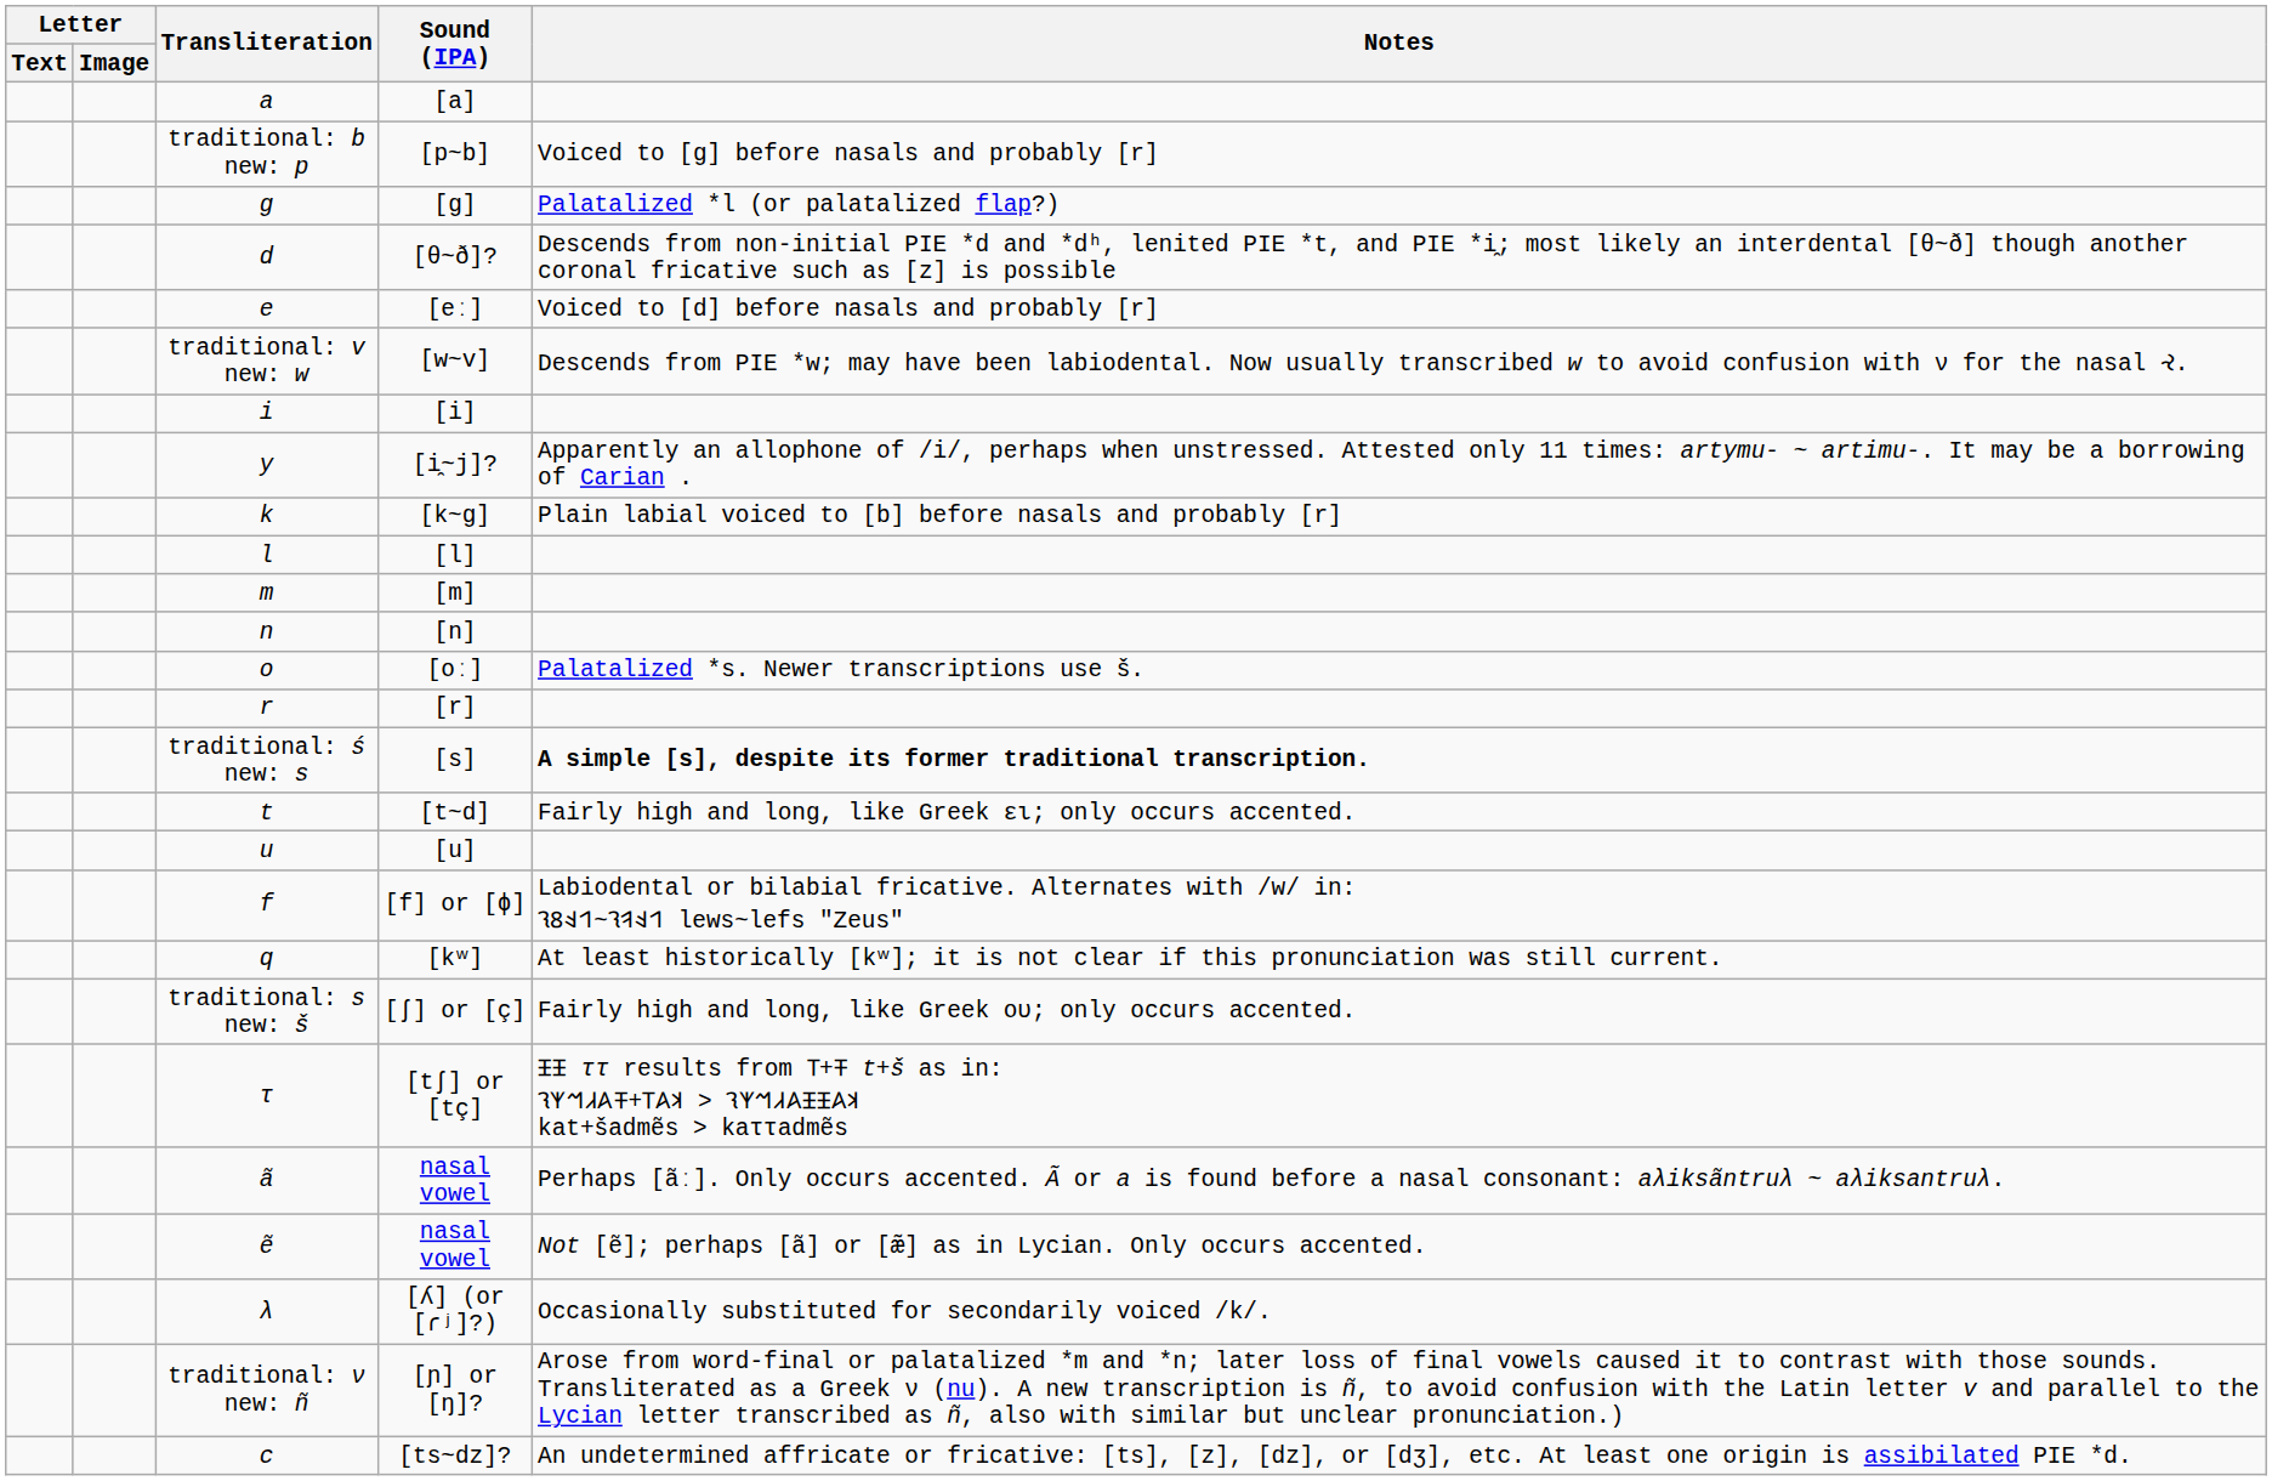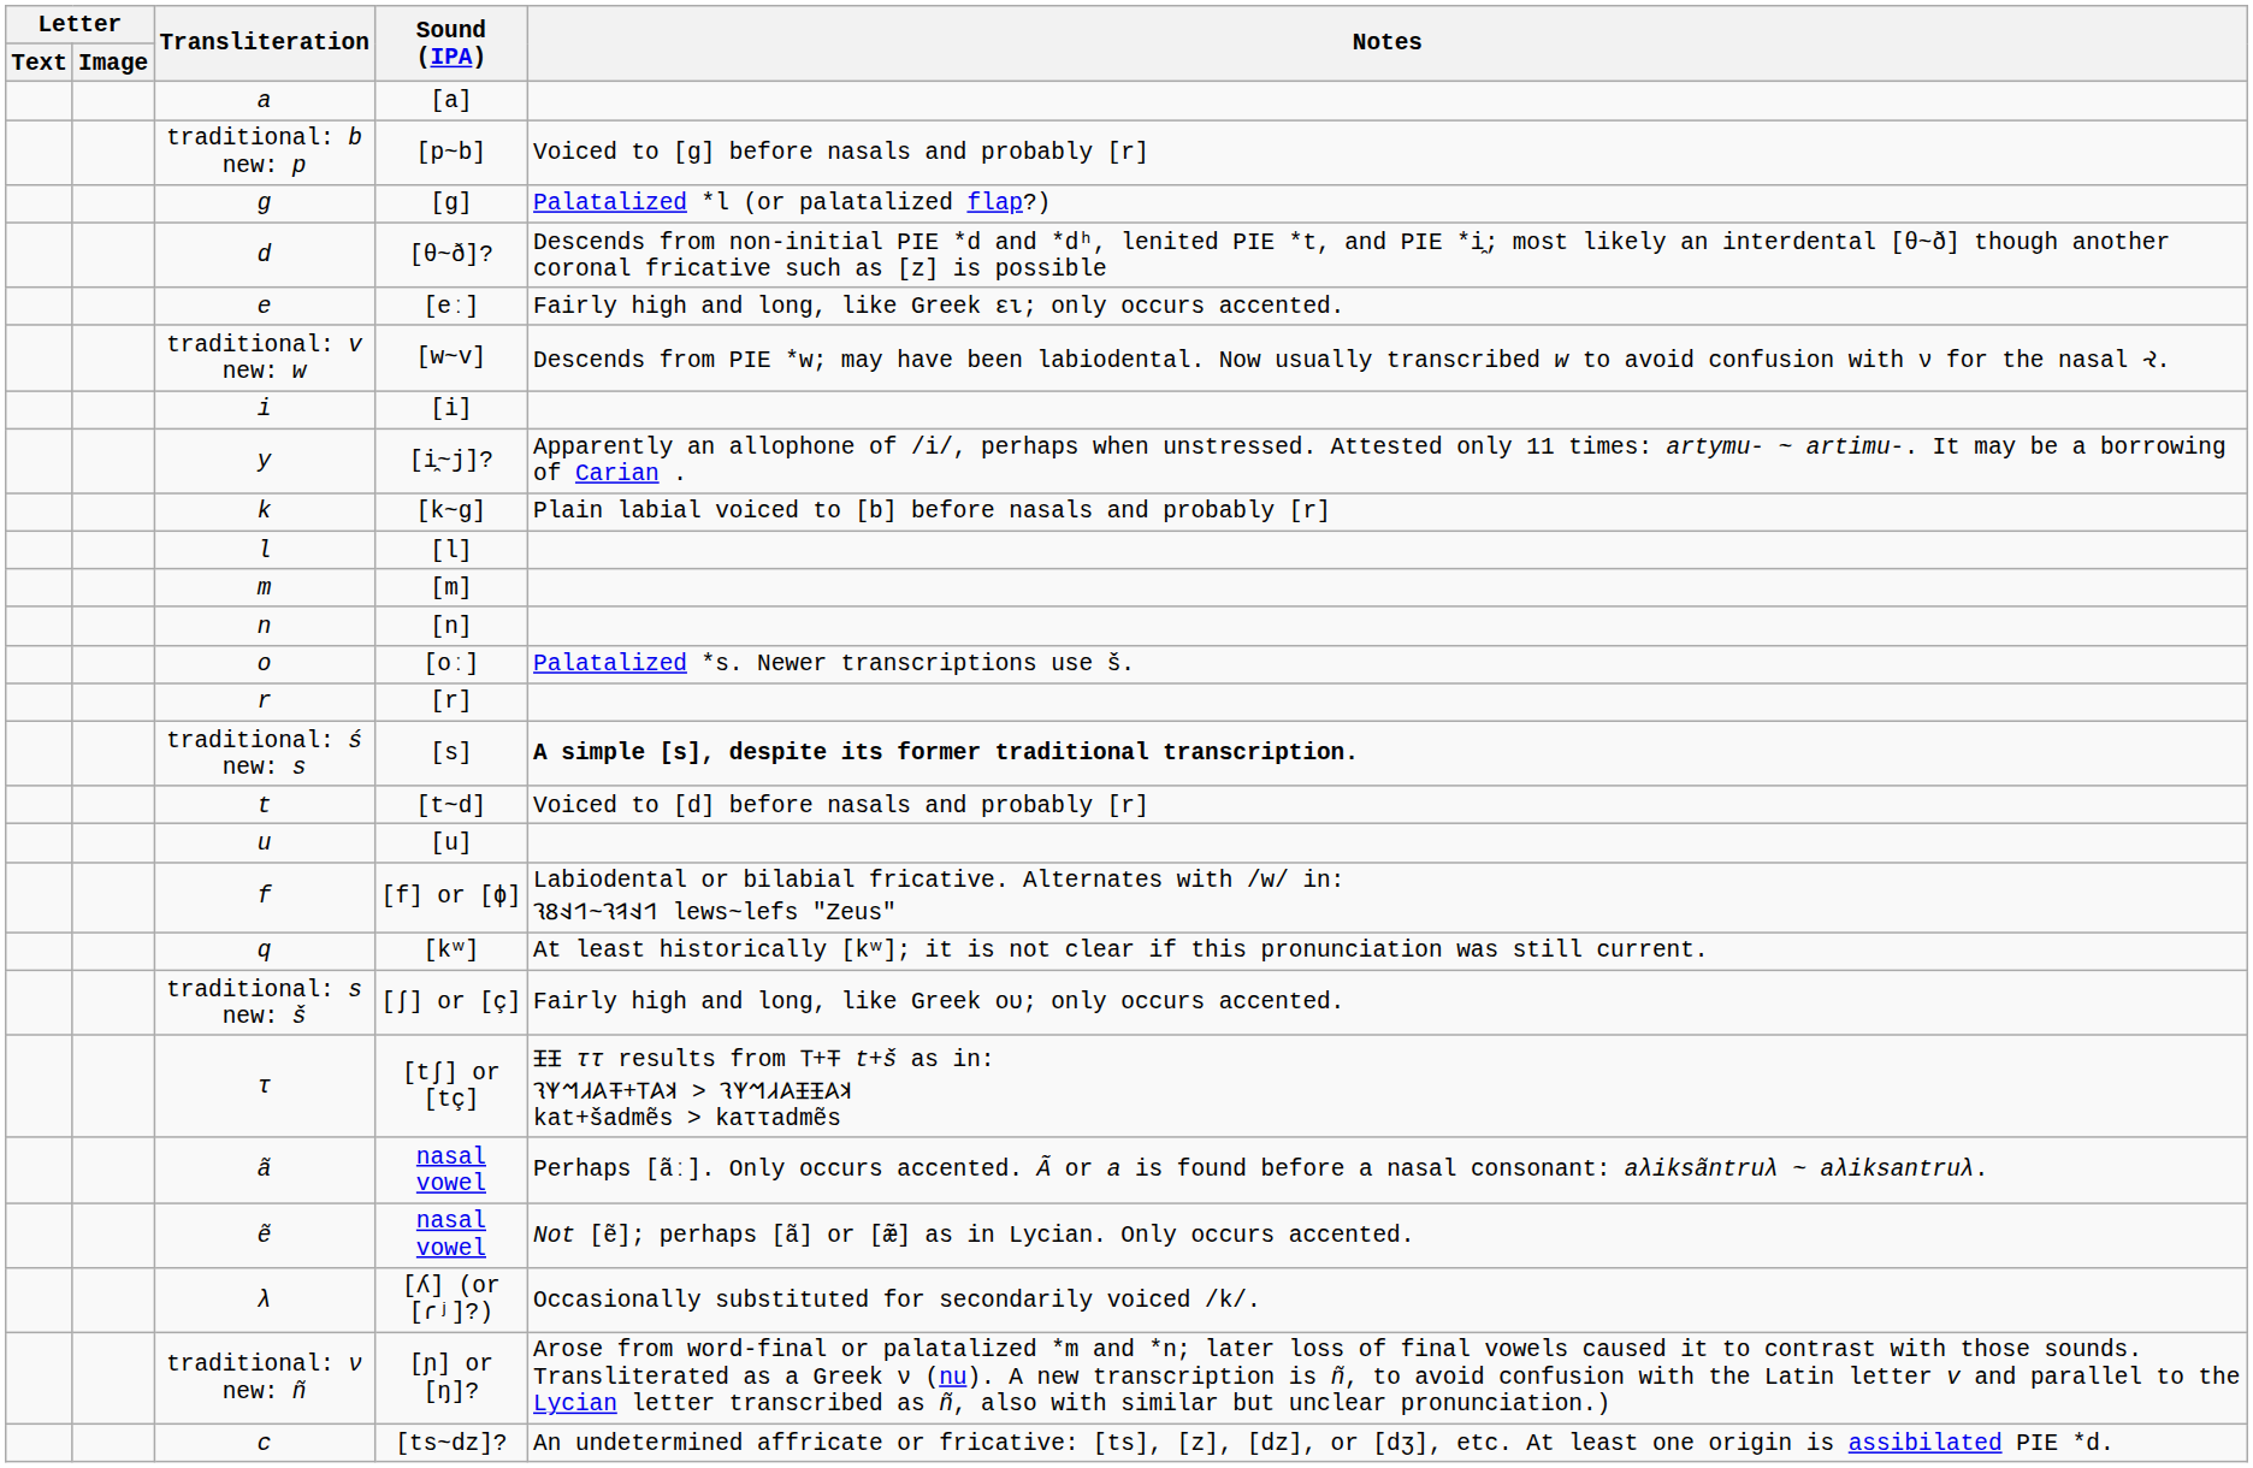 <table class="wikitable" style="text-align:center">
 <tr>
 <th colspan=2>Letter</th>
 <th rowspan=2>Transliteration</th>
 <th rowspan=2>Sound<br>(<a href='#'>IPA</a>)</th>
 <th rowspan=2>Notes</th>
 </tr>
 <tr>
 <th>Text</th>
 <th>Image</th>
 </tr>
 <tr>
 <td></td>
 <td></td>
 <td><em>a</em></td>
 <td>[a]</td>
 <td></td>
 </tr>
 <tr>
 <td></td>
 <td></td>
 <td>traditional: <em>b</em><br>new: <em>p</em></td>
 <td>[p~b]</td>
 <td align="left">Voiced to [ɡ] before nasals and probably [r]</td>
 </tr>
 <tr>
 <td></td>
 <td></td>
 <td><em>g</em></td>
 <td>[ɡ]</td>
 <td align=left><a href='#'>Palatalized</a> *l (or palatalized <a href='#'>flap</a>?)</td>
 </tr>
 <tr>
 <td></td>
 <td></td>
 <td><em>d</em></td>
 <td>[θ~ð]?</td>
 <td align="left">Descends from non-initial PIE *d and *dʰ, lenited PIE *t, and PIE *i̯; most likely an interdental [θ~ð] though another coronal fricative such as [z] is possible</td>
 </tr>
 <tr>
 <td></td>
 <td></td>
 <td><em>e</em></td>
 <td>[eː]</td>
-<td align="left">Voiced to [d] before nasals and probably [r]</td>
+<td align=left>Fairly high and long, like Greek ει; only occurs accented.</td>
 </tr>
 <tr>
 <td></td>
 <td></td>
 <td>traditional: <em>v</em><br>new: <em>w</em></td>
 <td>[w~v]</td>
 <td style="text-align:left;">Descends from PIE *w; may have been labiodental. Now usually transcribed <em>w</em> to avoid confusion with ν for the nasal 𐤸.</td>
 </tr>
 <tr>
 <td></td>
 <td></td>
 <td><em>i</em></td>
 <td>[i]</td>
 <td></td>
 </tr>
 <tr>
 <td></td>
 <td></td>
 <td><em>y</em></td>
 <td>[i̯~j]?</td>
 <td align="left">Apparently an allophone of /i/, perhaps when unstressed. Attested only 11 times: <em>artymu- ~ artimu-</em>. It may be a borrowing of <a href='#'>Carian</a> .</td>
 </tr>
 <tr>
 <td></td>
 <td></td>
 <td><em>k</em></td>
 <td>[k~ɡ]</td>
 <td align=left>Plain labial voiced to [b] before nasals and probably [r]</td>
 </tr>
 <tr>
 <td></td>
 <td></td>
 <td><em>l</em></td>
 <td>[l]</td>
 <td></td>
 </tr>
 <tr>
 <td></td>
 <td></td>
 <td><em>m</em></td>
 <td>[m]</td>
 <td></td>
 </tr>
 <tr>
 <td></td>
 <td></td>
 <td><em>n</em></td>
 <td>[n]</td>
 <td></td>
 </tr>
 <tr>
 <td></td>
 <td></td>
 <td><em>o</em></td>
 <td>[oː]</td>
 <td align=left><a href='#'>Palatalized</a> *s. Newer transcriptions use š.</td>
 </tr>
 <tr>
 <td></td>
 <td></td>
 <td><em>r</em></td>
 <td>[r]</td>
 <td></td>
 </tr>
 <tr>
 <td></td>
 <td></td>
 <td>traditional: <em>ś</em><br>new: <em>s</em></td>
 <td>[s]</td>
 <td align=left><strong>A simple [s], despite its former traditional transcription.</strong></td>
 </tr>
 <tr>
 <td></td>
 <td></td>
 <td><em>t</em></td>
 <td>[t~d]</td>
-<td align=left>Fairly high and long, like Greek ει; only occurs accented.</td>
+<td align="left">Voiced to [d] before nasals and probably [r]</td>
 </tr>
 <tr>
 <td></td>
 <td></td>
 <td><em>u</em></td>
 <td>[u]</td>
 <td></td>
 </tr>
 <tr>
 <td></td>
 <td></td>
 <td><em>f</em></td>
 <td>[f] or [ɸ]</td>
 <td style="text-align:left;">Labiodental or bilabial fricative. Alternates with /w/ in:<br>𐤩𐤤𐤱𐤮~‎𐤩𐤤𐤥𐤮 lews~lefs  "Zeus"</td>
 </tr>
 <tr>
 <td></td>
 <td></td>
 <td><em>q</em></td>
 <td>[kʷ]</td>
 <td align=left>At least historically [kʷ]; it is not clear if this pronunciation was still current.</td>
 </tr>
 <tr>
 <td></td>
 <td></td>
 <td>traditional: <em>s</em><br>new: <em>š</em></td>
 <td>[ʃ] or [ç]</td>
 <td align=left>Fairly high and long, like Greek ου; only occurs accented.</td>
 </tr>
 <tr>
 <td></td>
 <td></td>
 <td><em>τ</em></td>
 <td>[tʃ] or [tç]</td>
 <td style="text-align:left;">𐤴𐤴 <em>ττ</em> results from 𐤯+‎𐤳 <em>t+š</em> as in:<br>𐤨𐤠𐤯+𐤳𐤠𐤣𐤪𐤶𐤮 >‎ 𐤨𐤠𐤴𐤴𐤠𐤣𐤪𐤶𐤮<br>kat+šadmẽs > kaττadmẽs</td>
 </tr>
 <tr>
 <td></td>
 <td></td>
 <td><em>ã</em></td>
 <td><a href='#'>nasal vowel</a></td>
 <td align=left>Perhaps [ãː]. Only occurs accented. <em>Ã</em> or <em>a</em> is found before a nasal consonant: <em>aλiksãntruλ ~ aλiksantruλ</em>.</td>
 </tr>
 <tr>
 <td></td>
 <td></td>
 <td><em>ẽ</em></td>
 <td><a href='#'>nasal vowel</a></td>
 <td align=left><em>Not</em> [ẽ]; perhaps [ã] or [æ̃] as in Lycian. Only occurs accented.</td>
 </tr>
 <tr>
 <td></td>
 <td></td>
 <td><em>λ</em></td>
 <td>[ʎ] (or [ɾʲ]?)</td>
 <td align=left>Occasionally substituted for secondarily voiced /k/.</td>
 </tr>
 <tr>
 <td></td>
 <td></td>
 <td>traditional: <em>ν</em> <br>new: <em>ñ</em></td>
 <td>[ɲ] or [ŋ]?</td>
 <td align=left>Arose from word-final or palatalized *m and *n; later loss of final vowels caused it to contrast with those sounds. Transliterated as a Greek ν (<a href='#'>nu</a>). A new transcription is <em>ñ</em>, to avoid confusion with the Latin letter <em>v</em> and parallel to the <a href='#'>Lycian</a> letter transcribed as <em>ñ</em>, also with similar but unclear pronunciation.)</td>
 </tr>
 <tr>
 <td></td>
 <td></td>
 <td><em>c</em></td>
 <td>[ts~dz]?</td>
 <td align="left">An undetermined affricate or fricative: [ts], [z], [dz], or [dʒ], etc. At least one origin is <a href='#'>assibilated</a> PIE *d.</td>
 </tr>
 </table>
